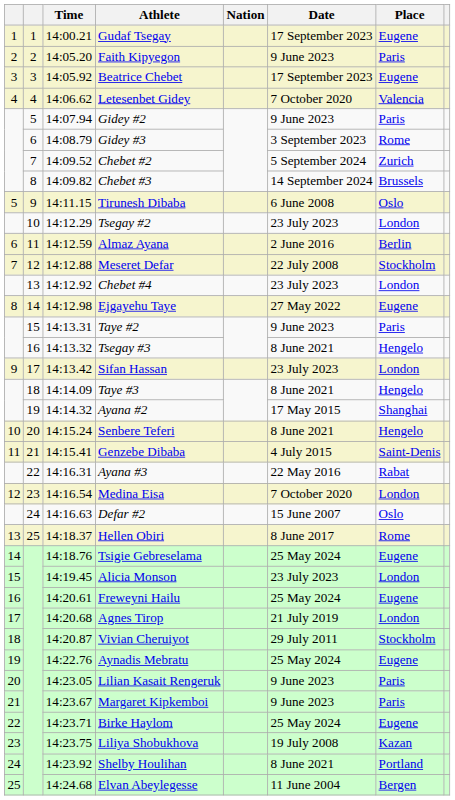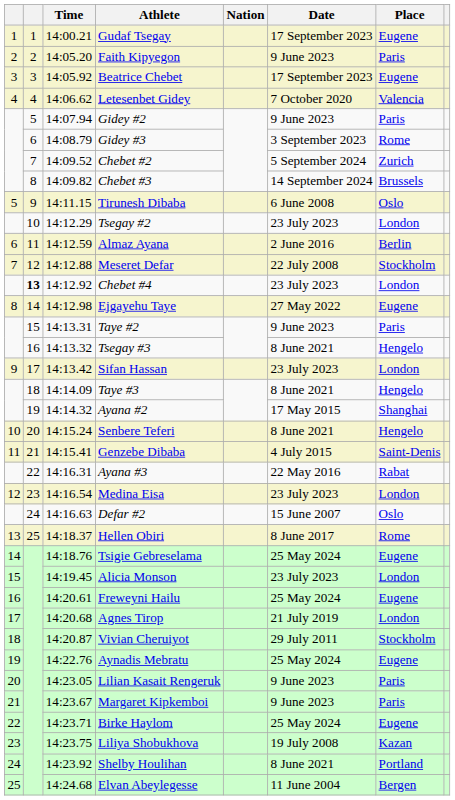 <table class="wikitable sortable" style="display: inline-table">
 <tr>
 <th></th>
 <th></th>
 <th>Time</th>
 <th>Athlete</th>
 <th>Nation</th>
 <th>Date</th>
 <th>Place</th>
 <th class="unsortable"></th>
 </tr>
 <tr bgcolor="#f6F5CE">
 <td align="center">1</td>
 <td align="center">1</td>
 <td>14:00.21</td>
 <td><a href='#'>Gudaf Tsegay</a></td>
 <td></td>
 <td>17 September 2023</td>
 <td><a href='#'>Eugene</a></td>
 <td></td>
 </tr>
 <tr bgcolor="#f6F5CE">
 <td align="center">2</td>
 <td align="center">2</td>
 <td>14:05.20</td>
 <td><a href='#'>Faith Kipyegon</a></td>
 <td></td>
 <td>9 June 2023</td>
 <td><a href='#'>Paris</a></td>
 <td></td>
 </tr>
 <tr bgcolor="#f6F5CE">
 <td align="center">3</td>
 <td align="center">3</td>
 <td>14:05.92</td>
 <td><a href='#'>Beatrice Chebet</a></td>
 <td></td>
 <td>17 September 2023</td>
 <td><a href='#'>Eugene</a></td>
 <td></td>
 </tr>
 <tr bgcolor="#f6F5CE">
 <td align="center">4</td>
 <td align="center">4</td>
 <td>14:06.62</td>
 <td><a href='#'>Letesenbet Gidey</a></td>
 <td></td>
 <td>7 October 2020</td>
 <td><a href='#'>Valencia</a></td>
 <td></td>
 </tr>
 <tr>
 <td rowspan="4"></td>
 <td align="center">5</td>
 <td align="center">14:07.94</td>
 <td><em>Gidey #2</em></td>
 <td rowspan="4"></td>
 <td>9 June 2023</td>
 <td><a href='#'>Paris</a></td>
 <td></td>
 </tr>
 <tr>
 <td align="center">6</td>
 <td align="center">14:08.79</td>
 <td><em>Gidey #3</em></td>
 <td>3 September 2023</td>
 <td><a href='#'>Rome</a></td>
 <td></td>
 </tr>
 <tr>
 <td align=center>7</td>
 <td>14:09.52</td>
 <td><em>Chebet #2</em></td>
 <td>5 September 2024</td>
 <td><a href='#'>Zurich</a></td>
 <td></td>
 </tr>
 <tr>
 <td align="center">8</td>
 <td>14:09.82</td>
 <td><em>Chebet #3</em></td>
 <td>14 September 2024</td>
 <td><a href='#'>Brussels</a></td>
 <td></td>
 </tr>
 <tr bgcolor="#f6F5CE">
 <td align="center">5</td>
 <td align="center">9</td>
 <td>14:11.15</td>
 <td><a href='#'>Tirunesh Dibaba</a></td>
 <td></td>
 <td>6 June 2008</td>
 <td><a href='#'>Oslo</a></td>
 <td></td>
 </tr>
 <tr>
 <td align="center"></td>
 <td align="center">10</td>
 <td>14:12.29</td>
 <td><em>Tsegay #2</em></td>
 <td></td>
 <td>23 July 2023</td>
 <td><a href='#'>London</a></td>
 <td></td>
 </tr>
 <tr bgcolor="#f6F5CE">
 <td align="center">6</td>
 <td align="center">11</td>
 <td>14:12.59</td>
 <td><a href='#'>Almaz Ayana</a></td>
 <td></td>
 <td>2 June 2016</td>
 <td><a href='#'>Berlin</a></td>
 <td></td>
 </tr>
 <tr bgcolor="#f6F5CE">
 <td align="center">7</td>
 <td align="center">12</td>
 <td>14:12.88</td>
 <td><a href='#'>Meseret Defar</a></td>
 <td></td>
 <td>22 July 2008</td>
 <td><a href='#'>Stockholm</a></td>
 <td></td>
 </tr>
 <tr>
 <td align="center"></td>
-<td align="center">13</td>
+<td align="center"><strong>13</strong></td>
 <td>14:12.92</td>
 <td><em>Chebet #4</em></td>
 <td></td>
 <td>23 July 2023</td>
 <td><a href='#'>London</a></td>
 <td></td>
 </tr>
 <tr bgcolor="#f6F5CE">
 <td align="center">8</td>
 <td align="center">14</td>
 <td>14:12.98</td>
 <td><a href='#'>Ejgayehu Taye</a></td>
 <td></td>
 <td>27 May 2022</td>
 <td><a href='#'>Eugene</a></td>
 <td></td>
 </tr>
 <tr>
 <td rowspan="2"></td>
 <td align="center">15</td>
 <td>14:13.31</td>
 <td><em>Taye #2</em></td>
 <td rowspan="2"></td>
 <td>9 June 2023</td>
 <td><a href='#'>Paris</a></td>
 <td></td>
 </tr>
 <tr>
 <td align="center">16</td>
 <td>14:13.32</td>
 <td><em>Tsegay #3</em></td>
 <td>8 June 2021</td>
 <td><a href='#'>Hengelo</a></td>
 <td></td>
 </tr>
 <tr bgcolor="#f6F5CE">
 <td align="center">9</td>
 <td align="center">17</td>
 <td>14:13.42</td>
 <td><a href='#'>Sifan Hassan</a></td>
 <td></td>
 <td>23 July 2023</td>
 <td><a href='#'>London</a></td>
 <td></td>
 </tr>
 <tr>
 <td rowspan="2" align="center"></td>
 <td align="center">18</td>
 <td>14:14.09</td>
 <td><em>Taye #3</em></td>
 <td rowspan="2"></td>
 <td>8 June 2021</td>
 <td><a href='#'>Hengelo</a></td>
 <td></td>
 </tr>
 <tr>
 <td align="center">19</td>
 <td>14:14.32</td>
 <td><em>Ayana #2</em></td>
 <td>17 May 2015</td>
 <td><a href='#'>Shanghai</a></td>
 <td></td>
 </tr>
 <tr bgcolor="#f6F5CE">
 <td align="center">10</td>
 <td align="center">20</td>
 <td>14:15.24</td>
 <td><a href='#'>Senbere Teferi</a></td>
 <td></td>
 <td>8 June 2021</td>
 <td><a href='#'>Hengelo</a></td>
 <td></td>
 </tr>
 <tr bgcolor="#f6F5CE">
 <td align="center">11</td>
 <td align="center">21</td>
 <td>14:15.41</td>
 <td><a href='#'>Genzebe Dibaba</a></td>
 <td></td>
 <td>4 July 2015</td>
 <td><a href='#'>Saint-Denis</a></td>
 <td></td>
 </tr>
 <tr>
 <td></td>
 <td align="center">22</td>
 <td>14:16.31</td>
 <td><em>Ayana #3</em></td>
 <td></td>
 <td>22 May 2016</td>
 <td><a href='#'>Rabat</a></td>
 <td></td>
 </tr>
 <tr bgcolor="#f6F5CE">
 <td align="center">12</td>
 <td align="center">23</td>
 <td>14:16.54</td>
 <td><a href='#'>Medina Eisa</a></td>
 <td></td>
-<td>7 October 2020</td>
+<td>23 July 2023</td>
 <td><a href='#'>London</a></td>
 <td></td>
 </tr>
 <tr>
 <td></td>
 <td align="center">24</td>
 <td>14:16.63</td>
 <td><em>Defar #2</em></td>
 <td></td>
 <td>15 June 2007</td>
 <td><a href='#'>Oslo</a></td>
 <td></td>
 </tr>
 <tr bgcolor="#f6F5CE">
 <td align="center">13</td>
 <td align="center">25</td>
 <td>14:18.37</td>
 <td><a href='#'>Hellen Obiri</a></td>
 <td></td>
 <td>8 June 2017</td>
 <td><a href='#'>Rome</a></td>
 <td></td>
 </tr>
 <tr bgcolor="#CCFFCC">
 <td align="center">14</td>
 <td rowspan="12" align="center"></td>
 <td>14:18.76</td>
 <td><a href='#'>Tsigie Gebreselama</a></td>
 <td></td>
 <td>25 May 2024</td>
 <td><a href='#'>Eugene</a></td>
 <td></td>
 </tr>
 <tr bgcolor="#CCFFCC">
 <td align="center">15</td>
 <td>14:19.45</td>
 <td><a href='#'>Alicia Monson</a></td>
 <td></td>
 <td>23 July 2023</td>
 <td><a href='#'>London</a></td>
 <td></td>
 </tr>
 <tr bgcolor="#CCFFCC">
 <td align="center">16</td>
 <td>14:20.61</td>
 <td><a href='#'>Freweyni Hailu</a></td>
 <td></td>
 <td>25 May 2024</td>
 <td><a href='#'>Eugene</a></td>
 <td></td>
 </tr>
 <tr bgcolor="#CCFFCC">
 <td align="center">17</td>
 <td>14:20.68</td>
 <td><a href='#'>Agnes Tirop</a></td>
 <td></td>
 <td>21 July 2019</td>
 <td><a href='#'>London</a></td>
 <td></td>
 </tr>
 <tr bgcolor="#CCFFCC">
 <td align="center">18</td>
 <td>14:20.87</td>
 <td><a href='#'>Vivian Cheruiyot</a></td>
 <td></td>
 <td>29 July 2011</td>
 <td><a href='#'>Stockholm</a></td>
 <td></td>
 </tr>
 <tr bgcolor="#CCFFCC">
 <td align="center">19</td>
 <td>14:22.76</td>
 <td><a href='#'>Aynadis Mebratu</a></td>
 <td></td>
 <td>25 May 2024</td>
 <td><a href='#'>Eugene</a></td>
 <td></td>
 </tr>
 <tr bgcolor="#CCFFCC">
 <td align="center">20</td>
 <td>14:23.05</td>
 <td><a href='#'>Lilian Kasait Rengeruk</a></td>
 <td></td>
 <td>9 June 2023</td>
 <td><a href='#'>Paris</a></td>
 <td></td>
 </tr>
 <tr bgcolor="#CCFFCC">
 <td align="center">21</td>
 <td align="center">14:23.67</td>
 <td><a href='#'>Margaret Kipkemboi</a></td>
 <td></td>
 <td>9 June 2023</td>
 <td><a href='#'>Paris</a></td>
 <td></td>
 </tr>
 <tr bgcolor="#CCFFCC">
 <td align="center">22</td>
 <td align="center">14:23.71</td>
 <td><a href='#'>Birke Haylom</a></td>
 <td></td>
 <td>25 May 2024</td>
 <td><a href='#'>Eugene</a></td>
 <td></td>
 </tr>
 <tr bgcolor="#CCFFCC">
 <td align="center">23</td>
 <td align="center">14:23.75</td>
 <td><a href='#'>Liliya Shobukhova</a></td>
 <td></td>
 <td>19 July 2008</td>
 <td><a href='#'>Kazan</a></td>
 <td></td>
 </tr>
 <tr bgcolor="#CCFFCC">
 <td align="center">24</td>
 <td>14:23.92</td>
 <td><a href='#'>Shelby Houlihan</a></td>
 <td></td>
 <td>8 June 2021</td>
 <td><a href='#'>Portland</a></td>
 <td></td>
 </tr>
 <tr bgcolor="#CCFFCC">
 <td align="center">25</td>
 <td>14:24.68</td>
 <td><a href='#'>Elvan Abeylegesse</a></td>
 <td></td>
 <td>11 June 2004</td>
 <td><a href='#'>Bergen</a></td>
 <td></td>
 </tr>
 </table>
